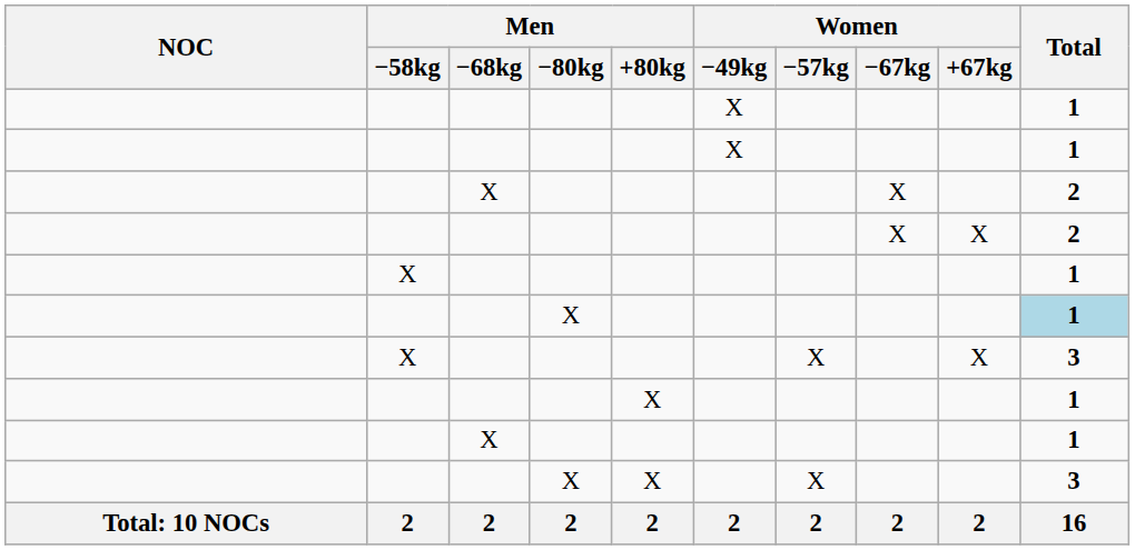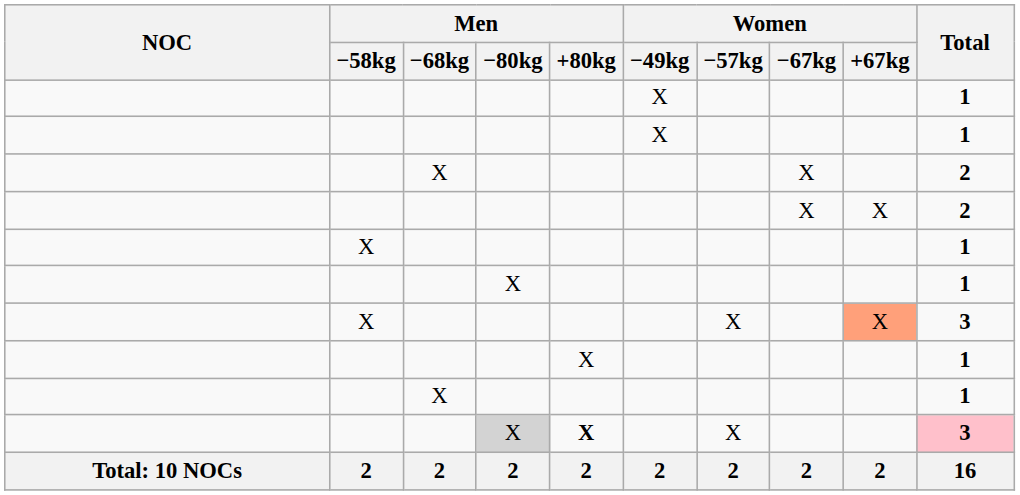 <table class="wikitable" style="text-align:center; font-size:90%">
 <tr>
 <th rowspan="2" width=200 align="left">NOC</th>
 <th colspan="4">Men</th>
 <th colspan="4">Women</th>
 <th width=55 rowspan="2">Total</th>
 </tr>
 <tr>
 <th width=40>−58kg</th>
 <th width=40>−68kg</th>
 <th width=40>−80kg</th>
 <th width=40>+80kg</th>
 <th width=40>−49kg</th>
 <th width=40>−57kg</th>
 <th width=40>−67kg</th>
 <th width=40>+67kg</th>
 </tr>
 <tr>
 <td align="left"></td>
 <td></td>
 <td></td>
 <td></td>
 <td></td>
 <td>X</td>
 <td></td>
 <td></td>
 <td></td>
 <td><strong>1</strong></td>
 </tr>
 <tr>
 <td align="left"></td>
 <td></td>
 <td></td>
 <td></td>
 <td></td>
 <td>X</td>
 <td></td>
 <td></td>
 <td></td>
 <td><strong>1</strong></td>
 </tr>
 <tr>
 <td align="left"></td>
 <td></td>
 <td>X</td>
 <td></td>
 <td></td>
 <td></td>
 <td></td>
 <td>X</td>
 <td></td>
 <td><strong>2</strong></td>
 </tr>
 <tr>
 <td align="left"></td>
 <td></td>
 <td></td>
 <td></td>
 <td></td>
 <td></td>
 <td></td>
 <td>X</td>
 <td>X</td>
 <td><strong>2</strong></td>
 </tr>
 <tr>
 <td align="left"></td>
 <td>X</td>
 <td></td>
 <td></td>
 <td></td>
 <td></td>
 <td></td>
 <td></td>
 <td></td>
 <td><strong>1</strong></td>
 </tr>
 <tr>
 <td align="left"></td>
 <td></td>
 <td></td>
 <td>X</td>
 <td></td>
 <td></td>
 <td></td>
 <td></td>
 <td></td>
-<td style="background: lightblue;"><strong>1</strong></td>
+<td><strong>1</strong></td>
 </tr>
 <tr>
 <td align="left"></td>
 <td>X</td>
 <td></td>
 <td></td>
 <td></td>
 <td></td>
 <td>X</td>
 <td></td>
-<td>X</td>
+<td style="background: lightsalmon;">X</td>
 <td><strong>3</strong></td>
 </tr>
 <tr>
 <td align="left"></td>
 <td></td>
 <td></td>
 <td></td>
 <td>X</td>
 <td></td>
 <td></td>
 <td></td>
 <td></td>
 <td><strong>1</strong></td>
 </tr>
 <tr>
 <td align="left"></td>
 <td></td>
 <td>X</td>
 <td></td>
 <td></td>
 <td></td>
 <td></td>
 <td></td>
 <td></td>
 <td><strong>1</strong></td>
 </tr>
 <tr>
 <td align="left"></td>
 <td></td>
 <td></td>
-<td>X</td>
-<td>X</td>
+<td style="background: lightgrey;">X</td>
+<td><strong>X</strong></td>
 <td></td>
 <td>X</td>
 <td></td>
 <td></td>
-<td><strong>3</strong></td>
+<td style="background: pink;"><strong>3</strong></td>
 </tr>
 <tr>
 <th>Total: 10 NOCs</th>
 <th>2</th>
 <th>2</th>
 <th>2</th>
 <th>2</th>
 <th>2</th>
 <th>2</th>
 <th>2</th>
 <th>2</th>
 <th>16</th>
 </tr>
 </table>
